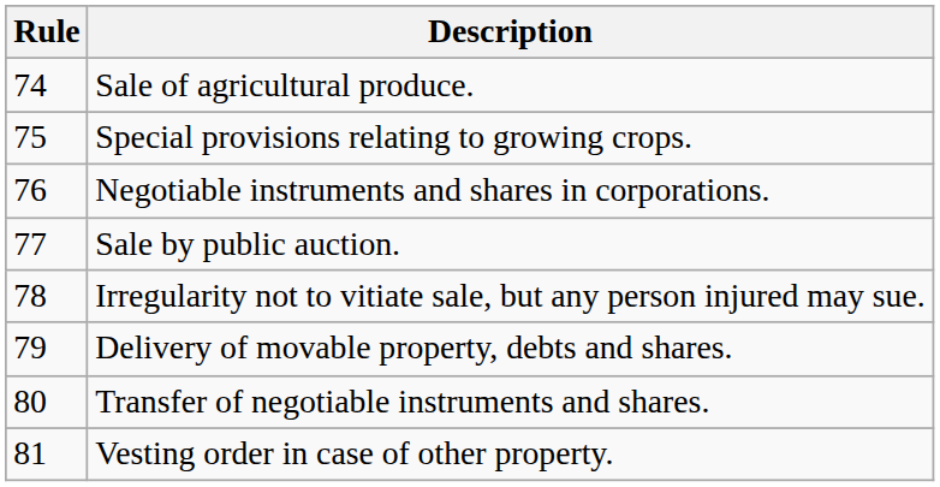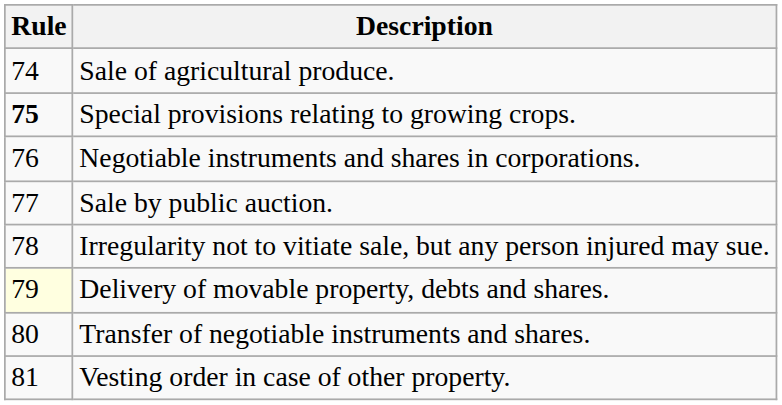 <table class="wikitable">
 <tr>
 <th>Rule</th>
 <th>Description</th>
 </tr>
 <tr>
 <td>74</td>
 <td>Sale of agricultural produce.</td>
 </tr>
 <tr>
-<td>75</td>
+<td><strong>75</strong></td>
 <td>Special provisions relating to growing crops.</td>
 </tr>
 <tr>
 <td>76</td>
 <td>Negotiable instruments and shares in corporations.</td>
 </tr>
 <tr>
 <td>77</td>
 <td>Sale by public auction.</td>
 </tr>
 <tr>
 <td>78</td>
 <td>Irregularity not to vitiate sale, but any person injured may sue.</td>
 </tr>
 <tr>
-<td>79</td>
+<td style="background: lightyellow;">79</td>
 <td>Delivery of movable property, debts and shares.</td>
 </tr>
 <tr>
 <td>80</td>
 <td>Transfer of negotiable instruments and shares.</td>
 </tr>
 <tr>
 <td>81</td>
 <td>Vesting order in case of other property.</td>
 </tr>
 </table>
